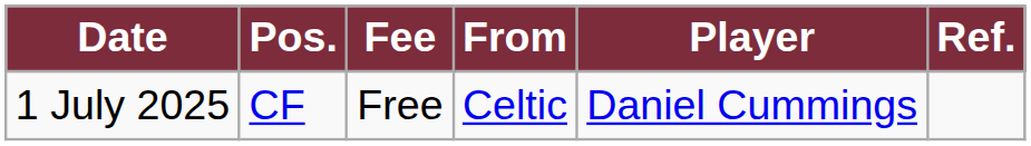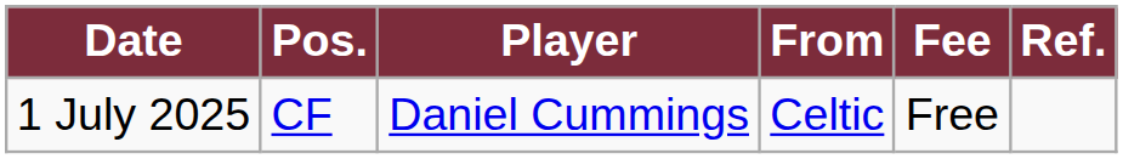 <table class="wikitable plainrowheaders sortable">
 <tr>
 <th style="background:#7C2C3B; color:#FFFFFF; ">Date</th>
 <th style="background:#7C2C3B; color:#FFFFFF; ">Pos.</th>
+<th style="background:#7C2C3B; color:#FFFFFF; ">Player</th>
+<th style="background:#7C2C3B; color:#FFFFFF; ">From</th>
 <th style="background:#7C2C3B; color:#FFFFFF; ">Fee</th>
-<th style="background:#7C2C3B; color:#FFFFFF; ">From</th>
-<th style="background:#7C2C3B; color:#FFFFFF; ">Player</th>
 <th style="background:#7C2C3B; color:#FFFFFF; ">Ref.</th>
 </tr>
 <tr>
 <td>1 July 2025</td>
 <td><a href='#'>CF</a></td>
+<td> <a href='#'>Daniel Cummings</a></td>
+<td> <a href='#'>Celtic</a></td>
 <td>Free</td>
-<td> <a href='#'>Celtic</a></td>
-<td> <a href='#'>Daniel Cummings</a></td>
 <td></td>
 </tr>
 </table>
